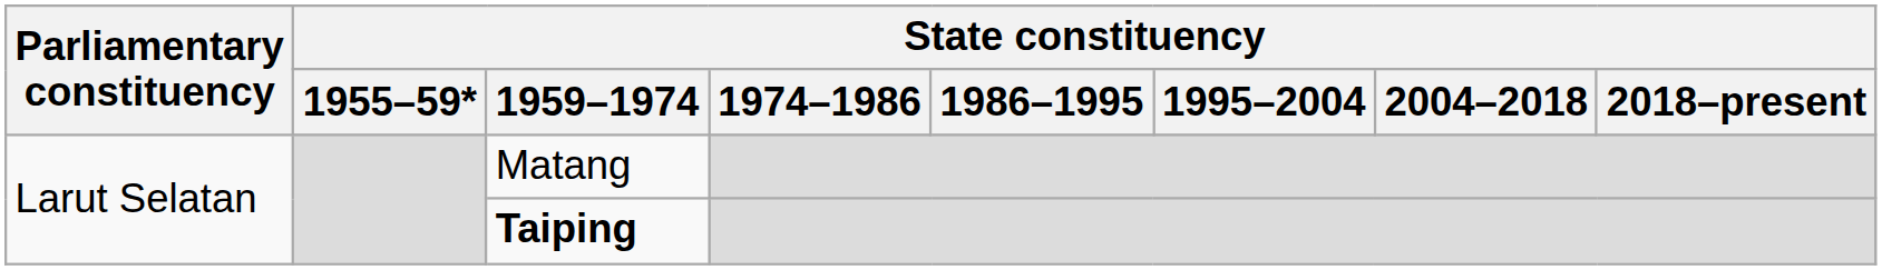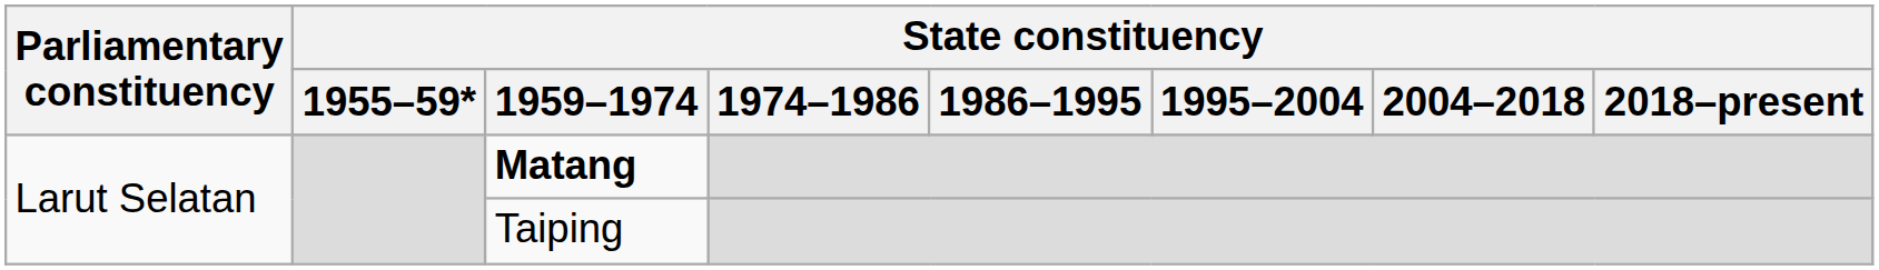 <table class="wikitable">
 <tr>
 <th rowspan="2">Parliamentary<br>constituency</th>
 <th colspan="7">State constituency</th>
 </tr>
 <tr>
 <th>1955–59*</th>
 <th>1959–1974</th>
 <th>1974–1986</th>
 <th>1986–1995</th>
 <th>1995–2004</th>
 <th>2004–2018</th>
 <th>2018–present</th>
 </tr>
 <tr>
 <td rowspan="2">Larut Selatan</td>
 <td rowspan="2" bgcolor="dcdcdc"></td>
-<td>Matang</td>
+<td><strong>Matang</strong></td>
 <td colspan="5" bgcolor="dcdcdc"></td>
 </tr>
 <tr>
-<td><strong>Taiping</strong></td>
+<td>Taiping</td>
 <td colspan="5" bgcolor="dcdcdc"></td>
 </tr>
 </table>
